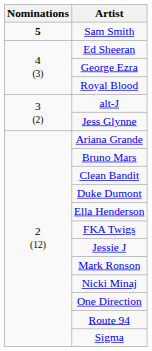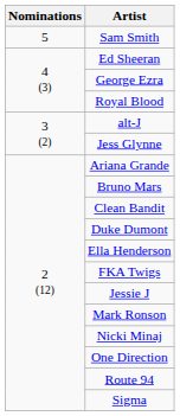 <table class="wikitable" rowspan="2" style="text-align:center;">
 <tr>
 <th scope="col" style="width:55px;">Nominations</th>
 <th scope="col" style="text-align:center;">Artist</th>
 </tr>
 <tr>
-<td><strong>5</strong></td>
+<td>5</td>
 <td><a href='#'>Sam Smith</a></td>
 </tr>
 <tr>
 <td rowspan="3">4<br><small>(3)</small></td>
 <td><a href='#'>Ed Sheeran</a></td>
 </tr>
 <tr>
 <td><a href='#'>George Ezra</a></td>
 </tr>
 <tr>
 <td><a href='#'>Royal Blood</a></td>
 </tr>
 <tr>
 <td rowspan="2">3<br><small>(2)</small></td>
 <td><a href='#'>alt-J</a></td>
 </tr>
 <tr>
 <td><a href='#'>Jess Glynne</a></td>
 </tr>
 <tr>
 <td rowspan="12">2<br><small>(12)</small></td>
 <td><a href='#'>Ariana Grande</a></td>
 </tr>
 <tr>
 <td><a href='#'>Bruno Mars</a></td>
 </tr>
 <tr>
 <td><a href='#'>Clean Bandit</a></td>
 </tr>
 <tr>
 <td><a href='#'>Duke Dumont</a></td>
 </tr>
 <tr>
 <td><a href='#'>Ella Henderson</a></td>
 </tr>
 <tr>
 <td><a href='#'>FKA Twigs</a></td>
 </tr>
 <tr>
 <td><a href='#'>Jessie J</a></td>
 </tr>
 <tr>
 <td><a href='#'>Mark Ronson</a></td>
 </tr>
 <tr>
 <td><a href='#'>Nicki Minaj</a></td>
 </tr>
 <tr>
 <td><a href='#'>One Direction</a></td>
 </tr>
 <tr>
 <td><a href='#'>Route 94</a></td>
 </tr>
 <tr>
 <td><a href='#'>Sigma</a></td>
 </tr>
 </table>
